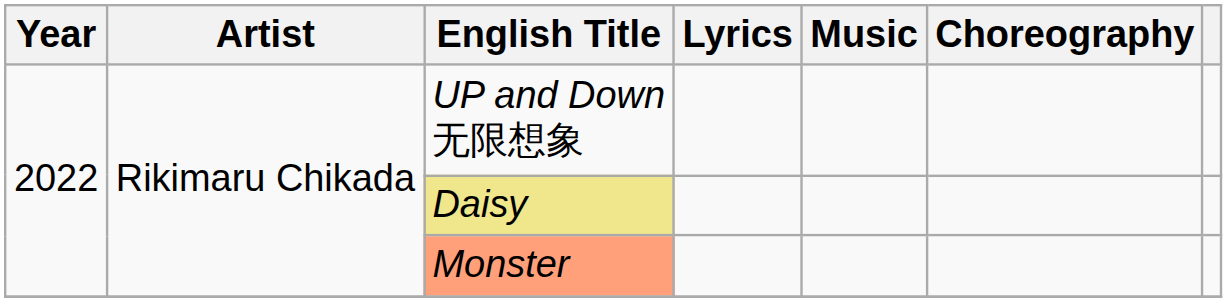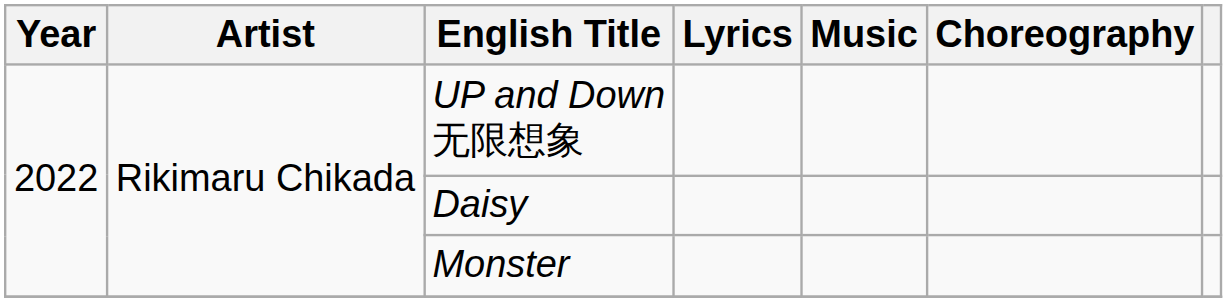 <table class="wikitable sortable">
 <tr>
 <th>Year</th>
 <th>Artist</th>
 <th>English Title</th>
 <th>Lyrics</th>
 <th>Music</th>
 <th>Choreography</th>
 <th class="unsortable"></th>
 </tr>
 <tr>
 <td rowspan="3">2022</td>
 <td rowspan="3">Rikimaru Chikada</td>
 <td><em>UP and Down</em><br>无限想象</td>
 <td></td>
 <td></td>
 <td></td>
 <td></td>
 </tr>
 <tr>
-<td style="background: khaki;"><em>Daisy</em></td>
+<td><em>Daisy</em></td>
 <td></td>
 <td></td>
 <td></td>
 <td></td>
 </tr>
 <tr>
-<td style="background: lightsalmon;"><em>Monster</em></td>
+<td><em>Monster</em></td>
 <td></td>
 <td></td>
 <td></td>
 <td></td>
 </tr>
 <tr>
 </tr>
 </table>
